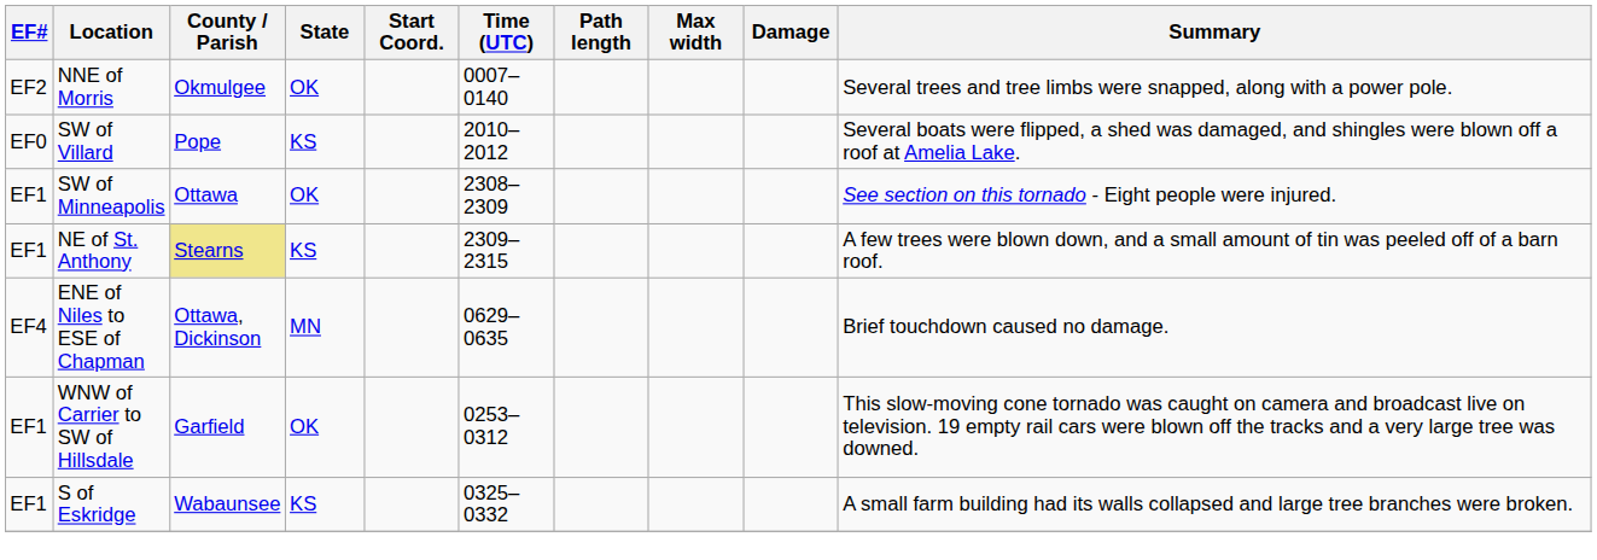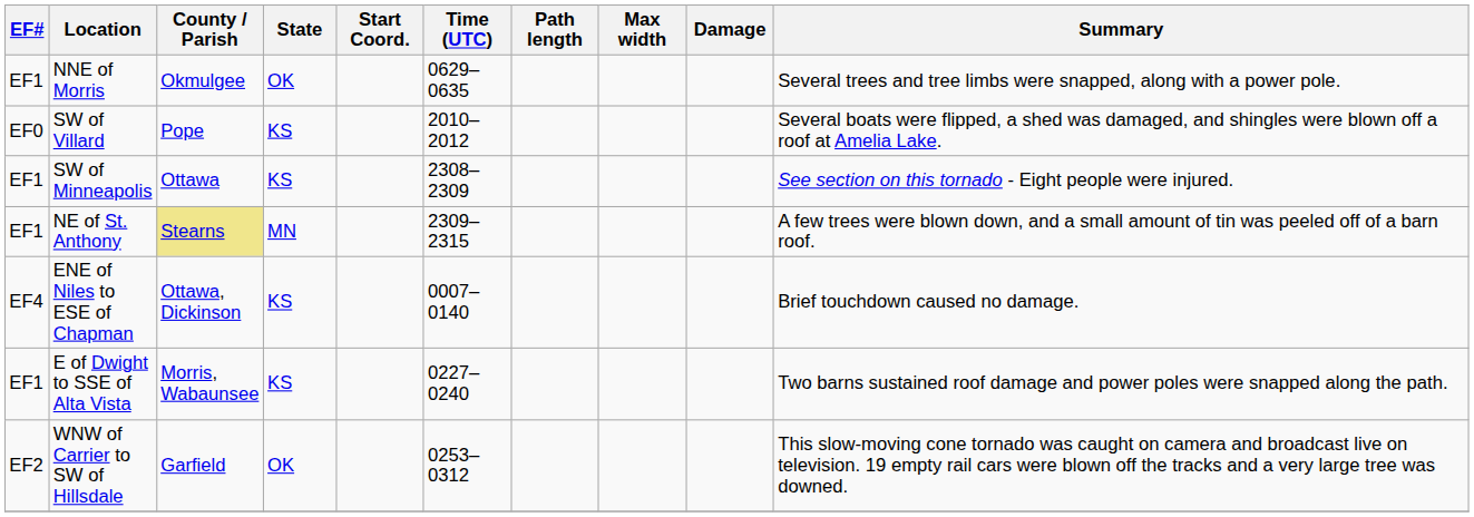 <table class="wikitable sortable" style="width:100%;">
 <tr>
 <th scope="col" width="3%" align="center"><a href='#'>EF#</a></th>
 <th scope="col" width="7%" align="center" class="unsortable">Location</th>
 <th scope="col" width="6%" align="center" class="unsortable">County / Parish</th>
 <th scope="col" width="5%" align="center">State</th>
 <th scope="col" width="6%" align="center">Start Coord.</th>
 <th scope="col" width="6%" align="center">Time (<a href='#'>UTC</a>)</th>
 <th scope="col" width="6%" align="center">Path length</th>
 <th scope="col" width="6%" align="center">Max width</th>
 <th scope="col" width="6%" align="center">Damage</th>
 <th scope="col" width="48%" class="unsortable" align="center">Summary</th>
 </tr>
 <tr>
-<td>EF2</td>
+<td>EF1</td>
 <td>NNE of <a href='#'>Morris</a></td>
 <td><a href='#'>Okmulgee</a></td>
 <td><a href='#'>OK</a></td>
 <td></td>
-<td>0007–0140</td>
+<td>0629–0635</td>
 <td></td>
 <td></td>
 <td></td>
 <td>Several trees and tree limbs were snapped, along with a power pole.</td>
 </tr>
 <tr>
 <td>EF0</td>
 <td>SW of <a href='#'>Villard</a></td>
 <td><a href='#'>Pope</a></td>
 <td><a href='#'>KS</a></td>
 <td></td>
 <td>2010–2012</td>
 <td></td>
 <td></td>
 <td></td>
 <td>Several boats were flipped, a shed was damaged, and shingles were blown off a roof at <a href='#'>Amelia Lake</a>.</td>
 </tr>
 <tr>
 <td>EF1</td>
 <td>SW of <a href='#'>Minneapolis</a></td>
 <td><a href='#'>Ottawa</a></td>
-<td><a href='#'>OK</a></td>
+<td><a href='#'>KS</a></td>
 <td></td>
 <td>2308–2309</td>
 <td></td>
 <td></td>
 <td></td>
 <td><em><a href='#'>See section on this tornado</a></em> - Eight people were injured.</td>
 </tr>
 <tr>
 <td>EF1</td>
 <td>NE of <a href='#'>St. Anthony</a></td>
 <td style="background: khaki;"><a href='#'>Stearns</a></td>
-<td><a href='#'>KS</a></td>
+<td><a href='#'>MN</a></td>
 <td></td>
 <td>2309–2315</td>
 <td></td>
 <td></td>
 <td></td>
 <td>A few trees were blown down, and a small amount of tin was peeled off of a barn roof.</td>
 </tr>
 <tr>
 <td>EF4</td>
 <td>ENE of <a href='#'>Niles</a> to ESE of <a href='#'>Chapman</a></td>
 <td><a href='#'>Ottawa</a>, <a href='#'>Dickinson</a></td>
-<td><a href='#'>MN</a></td>
+<td><a href='#'>KS</a></td>
 <td></td>
-<td>0629–0635</td>
+<td>0007–0140</td>
 <td></td>
 <td></td>
 <td></td>
 <td>Brief touchdown caused no damage.</td>
 </tr>
 <tr>
 <td>EF1</td>
+<td>E of <a href='#'>Dwight</a> to SSE of <a href='#'>Alta Vista</a></td>
+<td><a href='#'>Morris</a>, <a href='#'>Wabaunsee</a></td>
+<td><a href='#'>KS</a></td>
+<td></td>
+<td>0227–0240</td>
+<td></td>
+<td></td>
+<td></td>
+<td>Two barns sustained roof damage and power poles were snapped along the path.</td>
+</tr>
+<tr>
+<td>EF2</td>
 <td>WNW of <a href='#'>Carrier</a> to SW of <a href='#'>Hillsdale</a></td>
 <td><a href='#'>Garfield</a></td>
 <td><a href='#'>OK</a></td>
 <td></td>
 <td>0253–0312</td>
 <td></td>
 <td></td>
 <td></td>
 <td>This slow-moving cone tornado was caught on camera and broadcast live on television. 19 empty rail cars were blown off the tracks and a very large tree was downed.</td>
 </tr>
 <tr>
-<td>EF1</td>
-<td>S of <a href='#'>Eskridge</a></td>
-<td><a href='#'>Wabaunsee</a></td>
-<td><a href='#'>KS</a></td>
-<td></td>
-<td>0325–0332</td>
-<td></td>
-<td></td>
-<td></td>
-<td>A small farm building had its walls collapsed and large tree branches were broken.</td>
-</tr>
-<tr>
 </tr>
 </table>
